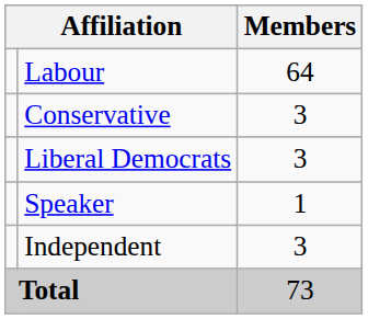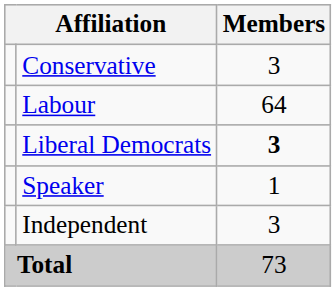 <table class="wikitable">
 <tr>
 <th colspan="2">Affiliation</th>
 <th>Members</th>
+</tr>
+<tr>
+<td style="color:inherit;background:"></td>
+<td><a href='#'>Conservative</a></td>
+<td style="text-align:center;">3</td>
 </tr>
 <tr>
 <td style="color:inherit;background:"></td>
 <td><a href='#'>Labour</a></td>
 <td style="text-align:center;">64</td>
 </tr>
 <tr>
 <td style="color:inherit;background:"></td>
-<td><a href='#'>Conservative</a></td>
-<td style="text-align:center;">3</td>
-</tr>
-<tr>
-<td style="color:inherit;background:"></td>
 <td><a href='#'>Liberal Democrats</a></td>
-<td style="text-align:center;">3</td>
+<td style="text-align:center;"><strong>3</strong></td>
 </tr>
 <tr>
 <td style="color:inherit;background:"></td>
 <td><a href='#'>Speaker</a></td>
 <td style="text-align:center;">1</td>
 </tr>
 <tr>
 <td style="color:inherit;background:"></td>
 <td>Independent</td>
 <td style="text-align:center;">3</td>
 </tr>
 <tr style="background:#ccc;">
 <td colspan="2"> <strong>Total</strong></td>
 <td style="text-align:center;">73</td>
 </tr>
 </table>
